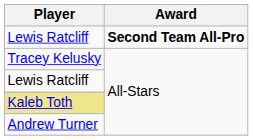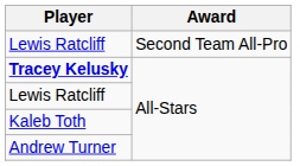 <table class="wikitable">
 <tr>
 <th>Player</th>
 <th>Award</th>
 </tr>
 <tr>
 <td><a href='#'>Lewis Ratcliff</a></td>
-<td><strong>Second Team All-Pro</strong></td>
+<td>Second Team All-Pro</td>
 </tr>
 <tr>
-<td><a href='#'>Tracey Kelusky</a></td>
+<td><strong><a href='#'>Tracey Kelusky</a></strong></td>
 <td rowspan=4>All-Stars</td>
 </tr>
 <tr>
 <td>Lewis Ratcliff</td>
 </tr>
 <tr>
-<td style="background: khaki;"><a href='#'>Kaleb Toth</a></td>
+<td><a href='#'>Kaleb Toth</a></td>
 </tr>
 <tr>
 <td><a href='#'>Andrew Turner</a></td>
 </tr>
 </table>
